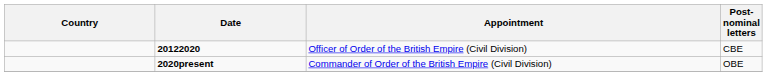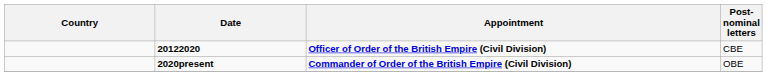 <table class="wikitable" style="width:100%;">
 <tr>
 <th style="width:20%;">Country</th>
 <th style="width:20%;">Date</th>
 <th style="width:55%;">Appointment</th>
 <th style="width:5%;">Post-nominal letters</th>
 </tr>
 <tr>
 <td></td>
 <td><strong>20122020</strong></td>
-<td><a href='#'>Officer of Order of the British Empire</a> (Civil Division)</td>
+<td><strong><a href='#'>Officer of Order of the British Empire</a> (Civil Division)</strong></td>
 <td>CBE</td>
 </tr>
 <tr>
 <td></td>
 <td><strong>2020present</strong></td>
-<td><a href='#'>Commander of Order of the British Empire</a> (Civil Division)</td>
+<td><strong><a href='#'>Commander of Order of the British Empire</a> (Civil Division)</strong></td>
 <td>OBE</td>
 </tr>
 <tr>
 </tr>
 </table>
